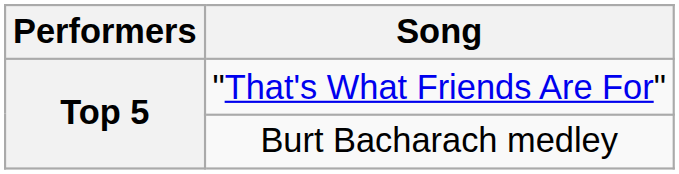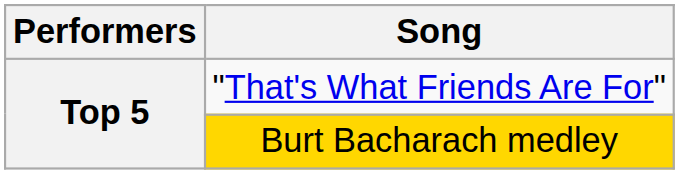 <table class="wikitable unsortable" style="text-align:center;">
 <tr>
 <th scope="col">Performers</th>
 <th scope="col">Song</th>
 </tr>
 <tr>
 <th scope="row" rowspan=2>Top 5</th>
 <td>"<a href='#'>That's What Friends Are For</a>"</td>
 </tr>
 <tr>
-<td>Burt Bacharach medley</td>
+<td style="background: gold;">Burt Bacharach medley</td>
 </tr>
 </table>
